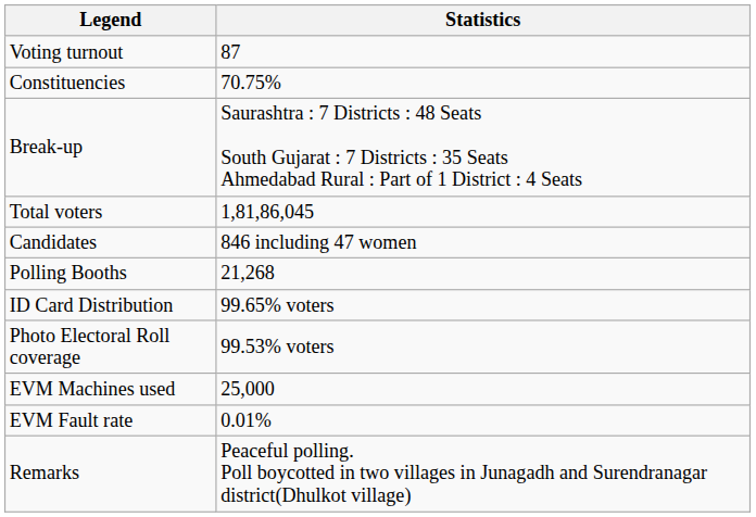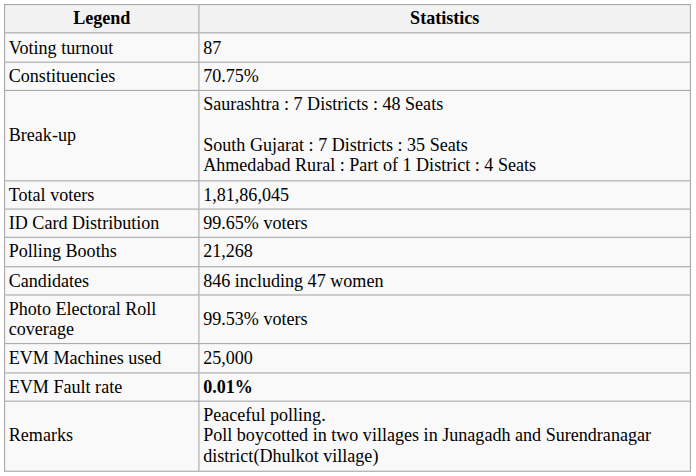 <table class="wikitable">
 <tr>
 <th>Legend</th>
 <th>Statistics</th>
 </tr>
 <tr>
 <td>Voting turnout</td>
 <td>87</td>
 </tr>
 <tr>
 <td>Constituencies</td>
 <td>70.75%</td>
 </tr>
 <tr>
 <td>Break-up</td>
 <td>Saurashtra : 7 Districts : 48 Seats<br><br>South Gujarat : 7 Districts : 35 Seats<br> Ahmedabad Rural : Part of 1 District : 4 Seats</td>
 </tr>
 <tr>
 <td>Total voters</td>
 <td>1,81,86,045</td>
 </tr>
 <tr>
-<td>Candidates</td>
-<td>846 including 47 women</td>
+<td>ID Card Distribution</td>
+<td>99.65% voters</td>
 </tr>
 <tr>
 <td>Polling Booths</td>
 <td>21,268</td>
 </tr>
 <tr>
-<td>ID Card Distribution</td>
-<td>99.65% voters</td>
+<td>Candidates</td>
+<td>846 including 47 women</td>
 </tr>
 <tr>
 <td>Photo Electoral Roll coverage</td>
 <td>99.53% voters</td>
 </tr>
 <tr>
 <td>EVM Machines used</td>
 <td>25,000</td>
 </tr>
 <tr>
 <td>EVM Fault rate</td>
-<td>0.01%</td>
+<td><strong>0.01%</strong></td>
 </tr>
 <tr>
 <td>Remarks</td>
 <td>Peaceful polling.<br>Poll boycotted in two villages in Junagadh and Surendranagar district(Dhulkot village)</td>
 </tr>
 </table>
